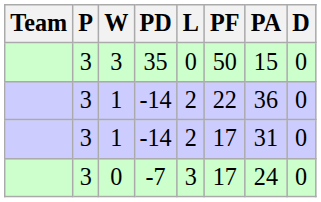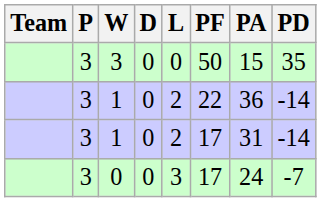 <table class="wikitable" style="text-align: center;">
 <tr>
 <th>Team</th>
 <th>P</th>
 <th>W</th>
-<th>PD</th>
+<th>D</th>
 <th>L</th>
 <th>PF</th>
 <th>PA</th>
-<th>D</th>
+<th>PD</th>
 </tr>
 <tr bgcolor=ccffcc>
 <td align="left"></td>
 <td>3</td>
 <td>3</td>
-<td>35</td>
+<td>0</td>
 <td>0</td>
 <td>50</td>
 <td>15</td>
-<td>0</td>
+<td>35</td>
 </tr>
 <tr bgcolor=ccccff>
 <td align="left"></td>
 <td>3</td>
 <td>1</td>
-<td>-14</td>
+<td>0</td>
 <td>2</td>
 <td>22</td>
 <td>36</td>
-<td>0</td>
+<td>-14</td>
 </tr>
 <tr bgcolor=ccccff>
 <td align="left"></td>
 <td>3</td>
 <td>1</td>
-<td>-14</td>
+<td>0</td>
 <td>2</td>
 <td>17</td>
 <td>31</td>
-<td>0</td>
+<td>-14</td>
 </tr>
 <tr bgcolor=ccffcc>
 <td align="left"></td>
 <td>3</td>
 <td>0</td>
-<td>-7</td>
+<td>0</td>
 <td>3</td>
 <td>17</td>
 <td>24</td>
-<td>0</td>
+<td>-7</td>
 </tr>
 </table>
